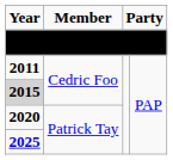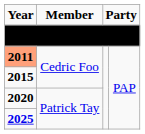 <table class="wikitable" align="center" style="text-align:center">
 <tr>
 <td><strong>Year</strong></td>
 <td><strong>Member</strong></td>
 <td colspan="2"><strong>Party</strong></td>
 </tr>
 <tr>
 <td colspan=4 bgcolor=black><span><strong>Formation</strong></span></td>
 </tr>
 <tr>
-<td><strong>2011</strong></td>
+<td style="background: lightsalmon;"><strong>2011</strong></td>
 <td rowspan="2"><a href='#'>Cedric Foo</a></td>
 <td rowspan="4"></td>
 <td rowspan="4"><a href='#'>PAP</a></td>
 </tr>
 <tr>
-<td style="background: lightgrey;"><strong>2015</strong></td>
+<td><strong>2015</strong></td>
 </tr>
 <tr>
 <td><strong>2020</strong></td>
 <td rowspan=2><a href='#'>Patrick Tay</a></td>
 </tr>
 <tr>
 <td><strong><a href='#'>2025</a></strong></td>
 </tr>
 </table>
